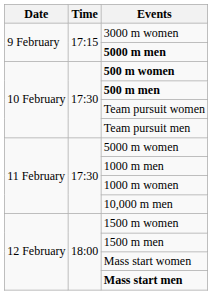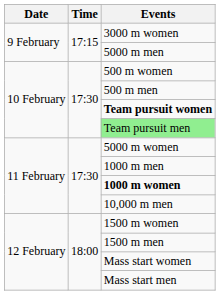 <table class="wikitable" border="1">
 <tr>
 <th>Date</th>
 <th>Time</th>
 <th>Events</th>
 </tr>
 <tr>
 <td rowspan=2>9 February</td>
 <td rowspan=2>17:15</td>
 <td>3000 m women</td>
 </tr>
 <tr>
-<td><strong>5000 m men</strong></td>
+<td>5000 m men</td>
 </tr>
 <tr>
 <td rowspan=4>10 February</td>
 <td rowspan=4>17:30</td>
-<td><strong>500 m women</strong></td>
+<td>500 m women</td>
 </tr>
 <tr>
-<td><strong>500 m men</strong></td>
+<td>500 m men</td>
 </tr>
 <tr>
-<td>Team pursuit women</td>
+<td><strong>Team pursuit women</strong></td>
 </tr>
 <tr>
-<td>Team pursuit men</td>
+<td style="background: lightgreen;">Team pursuit men</td>
 </tr>
 <tr>
 <td rowspan=4>11 February</td>
 <td rowspan=4>17:30</td>
 <td>5000 m women</td>
 </tr>
 <tr>
 <td>1000 m men</td>
 </tr>
 <tr>
-<td>1000 m women</td>
+<td><strong>1000 m women</strong></td>
 </tr>
 <tr>
 <td>10,000 m men</td>
 </tr>
 <tr>
 <td rowspan=4>12 February</td>
 <td rowspan=4>18:00</td>
 <td>1500 m women</td>
 </tr>
 <tr>
 <td>1500 m men</td>
 </tr>
 <tr>
 <td>Mass start women</td>
 </tr>
 <tr>
-<td><strong>Mass start men</strong></td>
+<td>Mass start men</td>
 </tr>
 </table>
